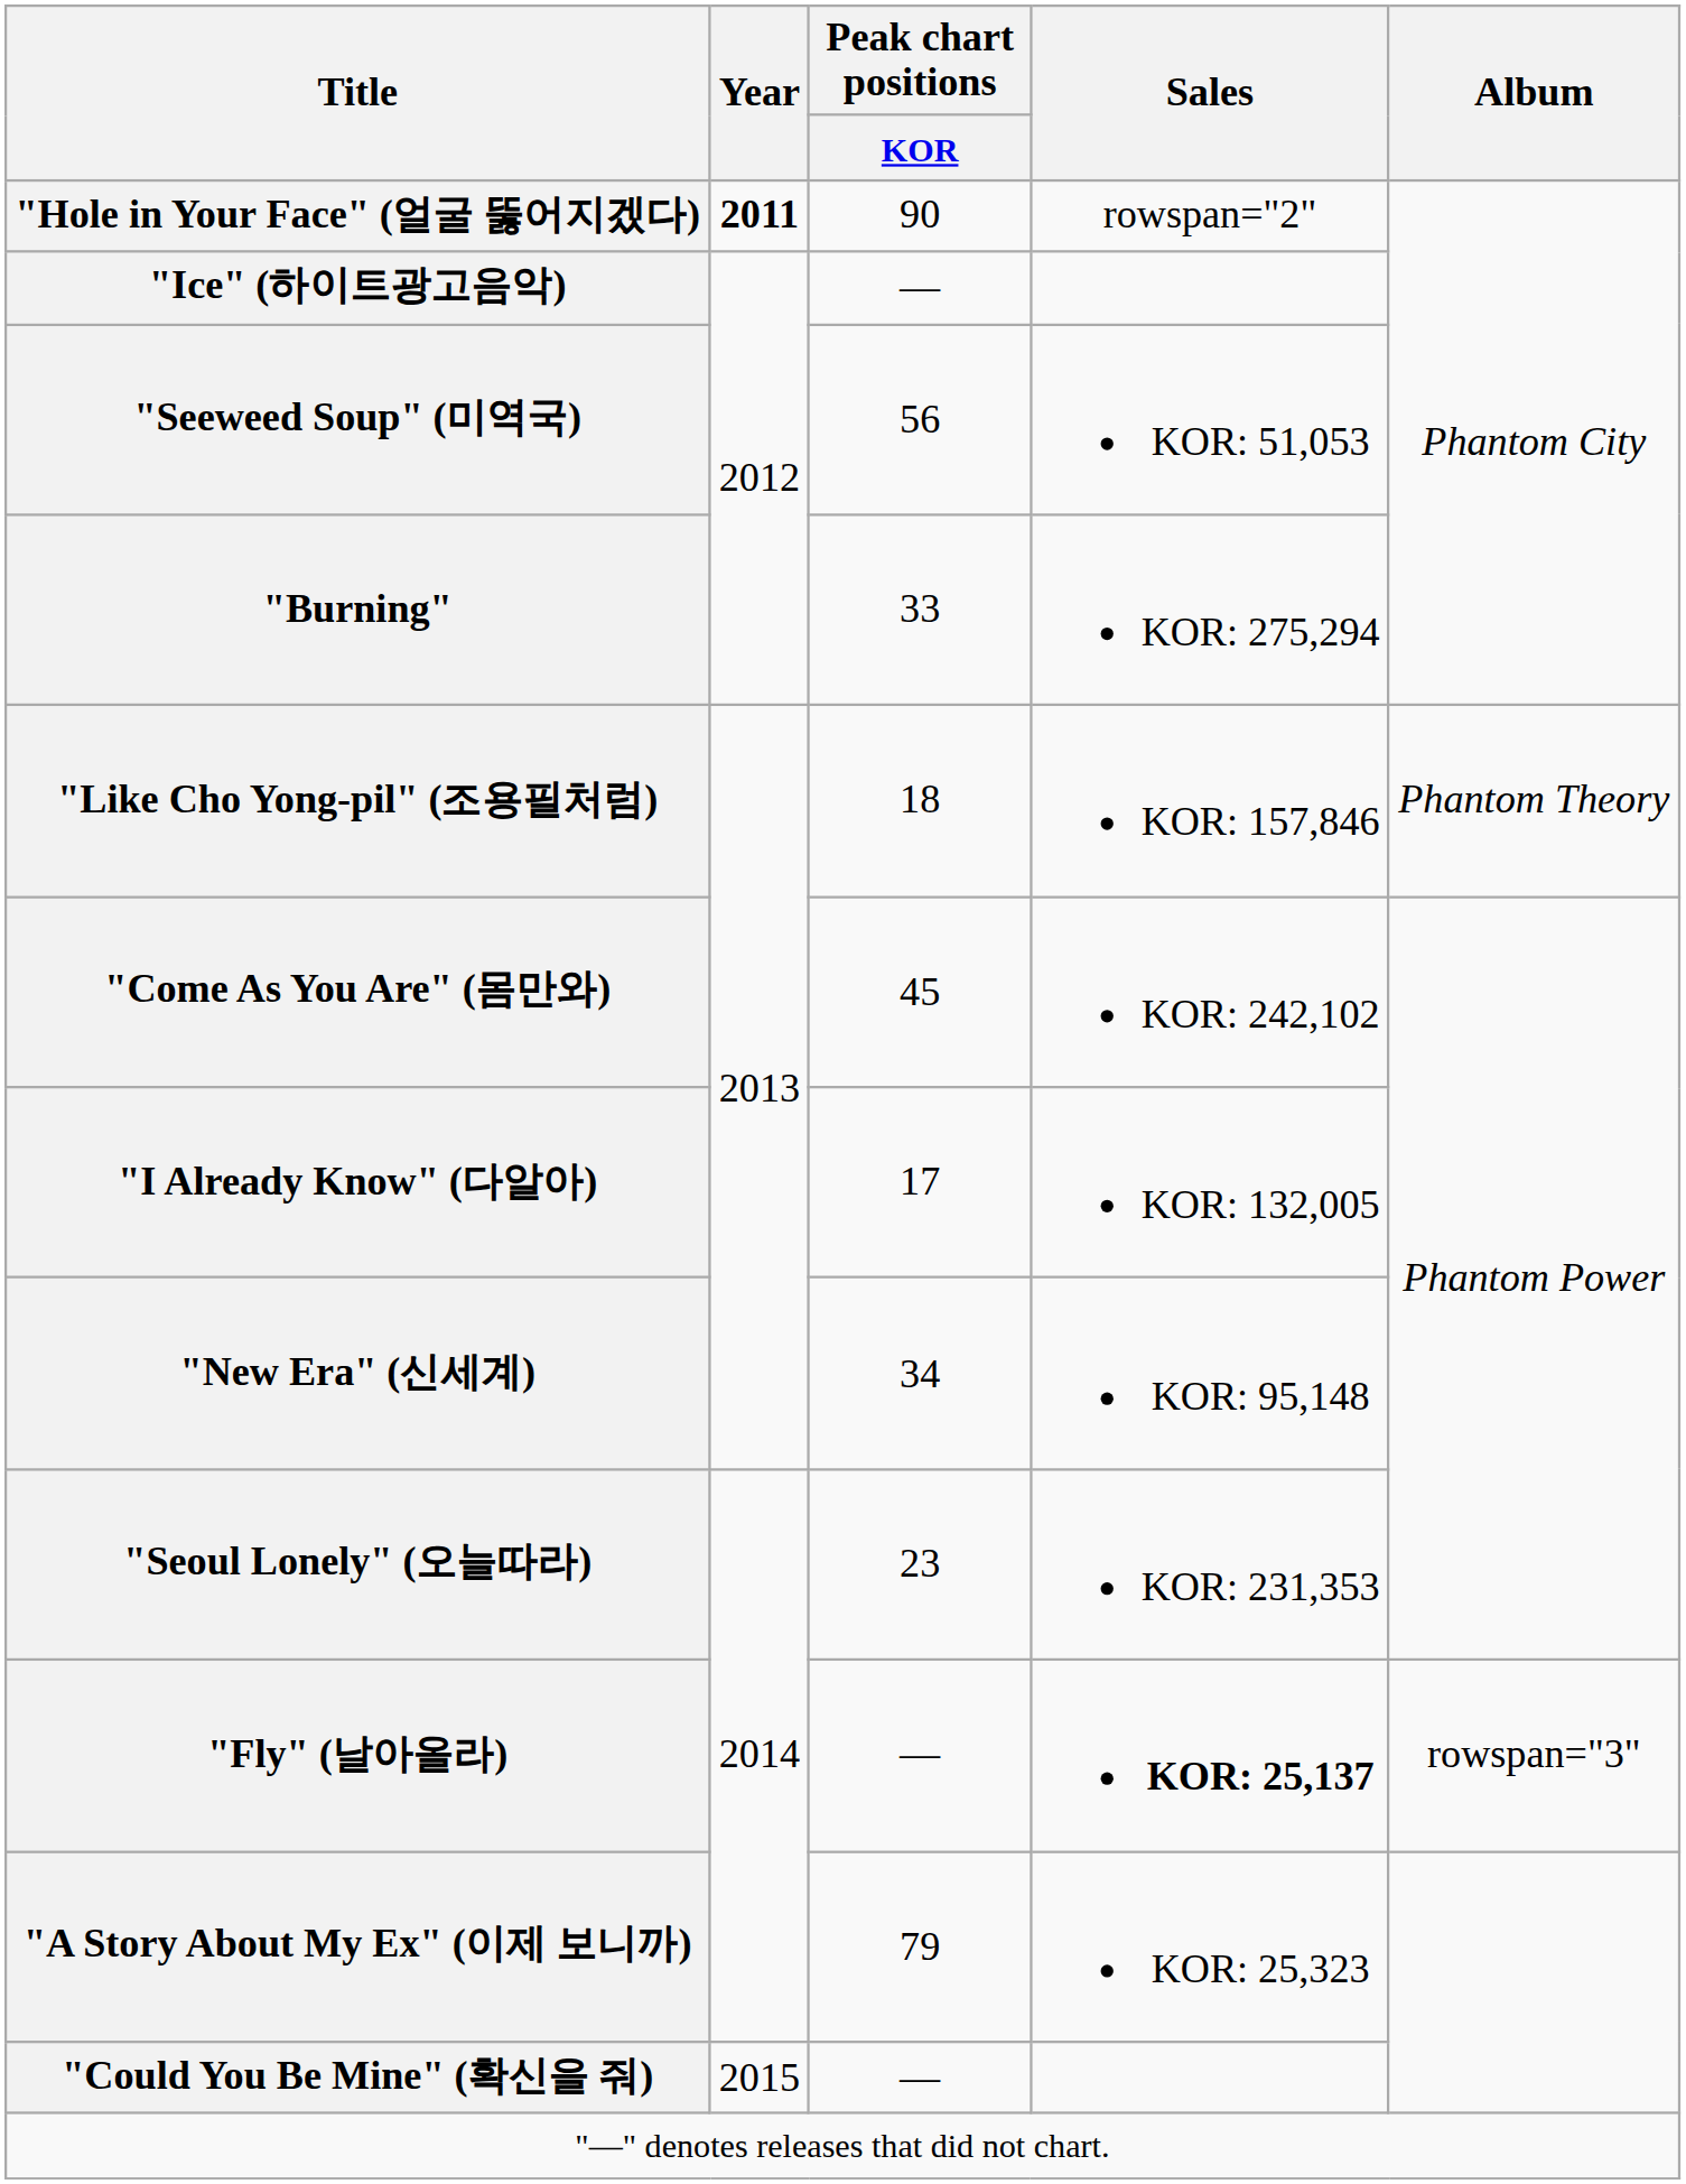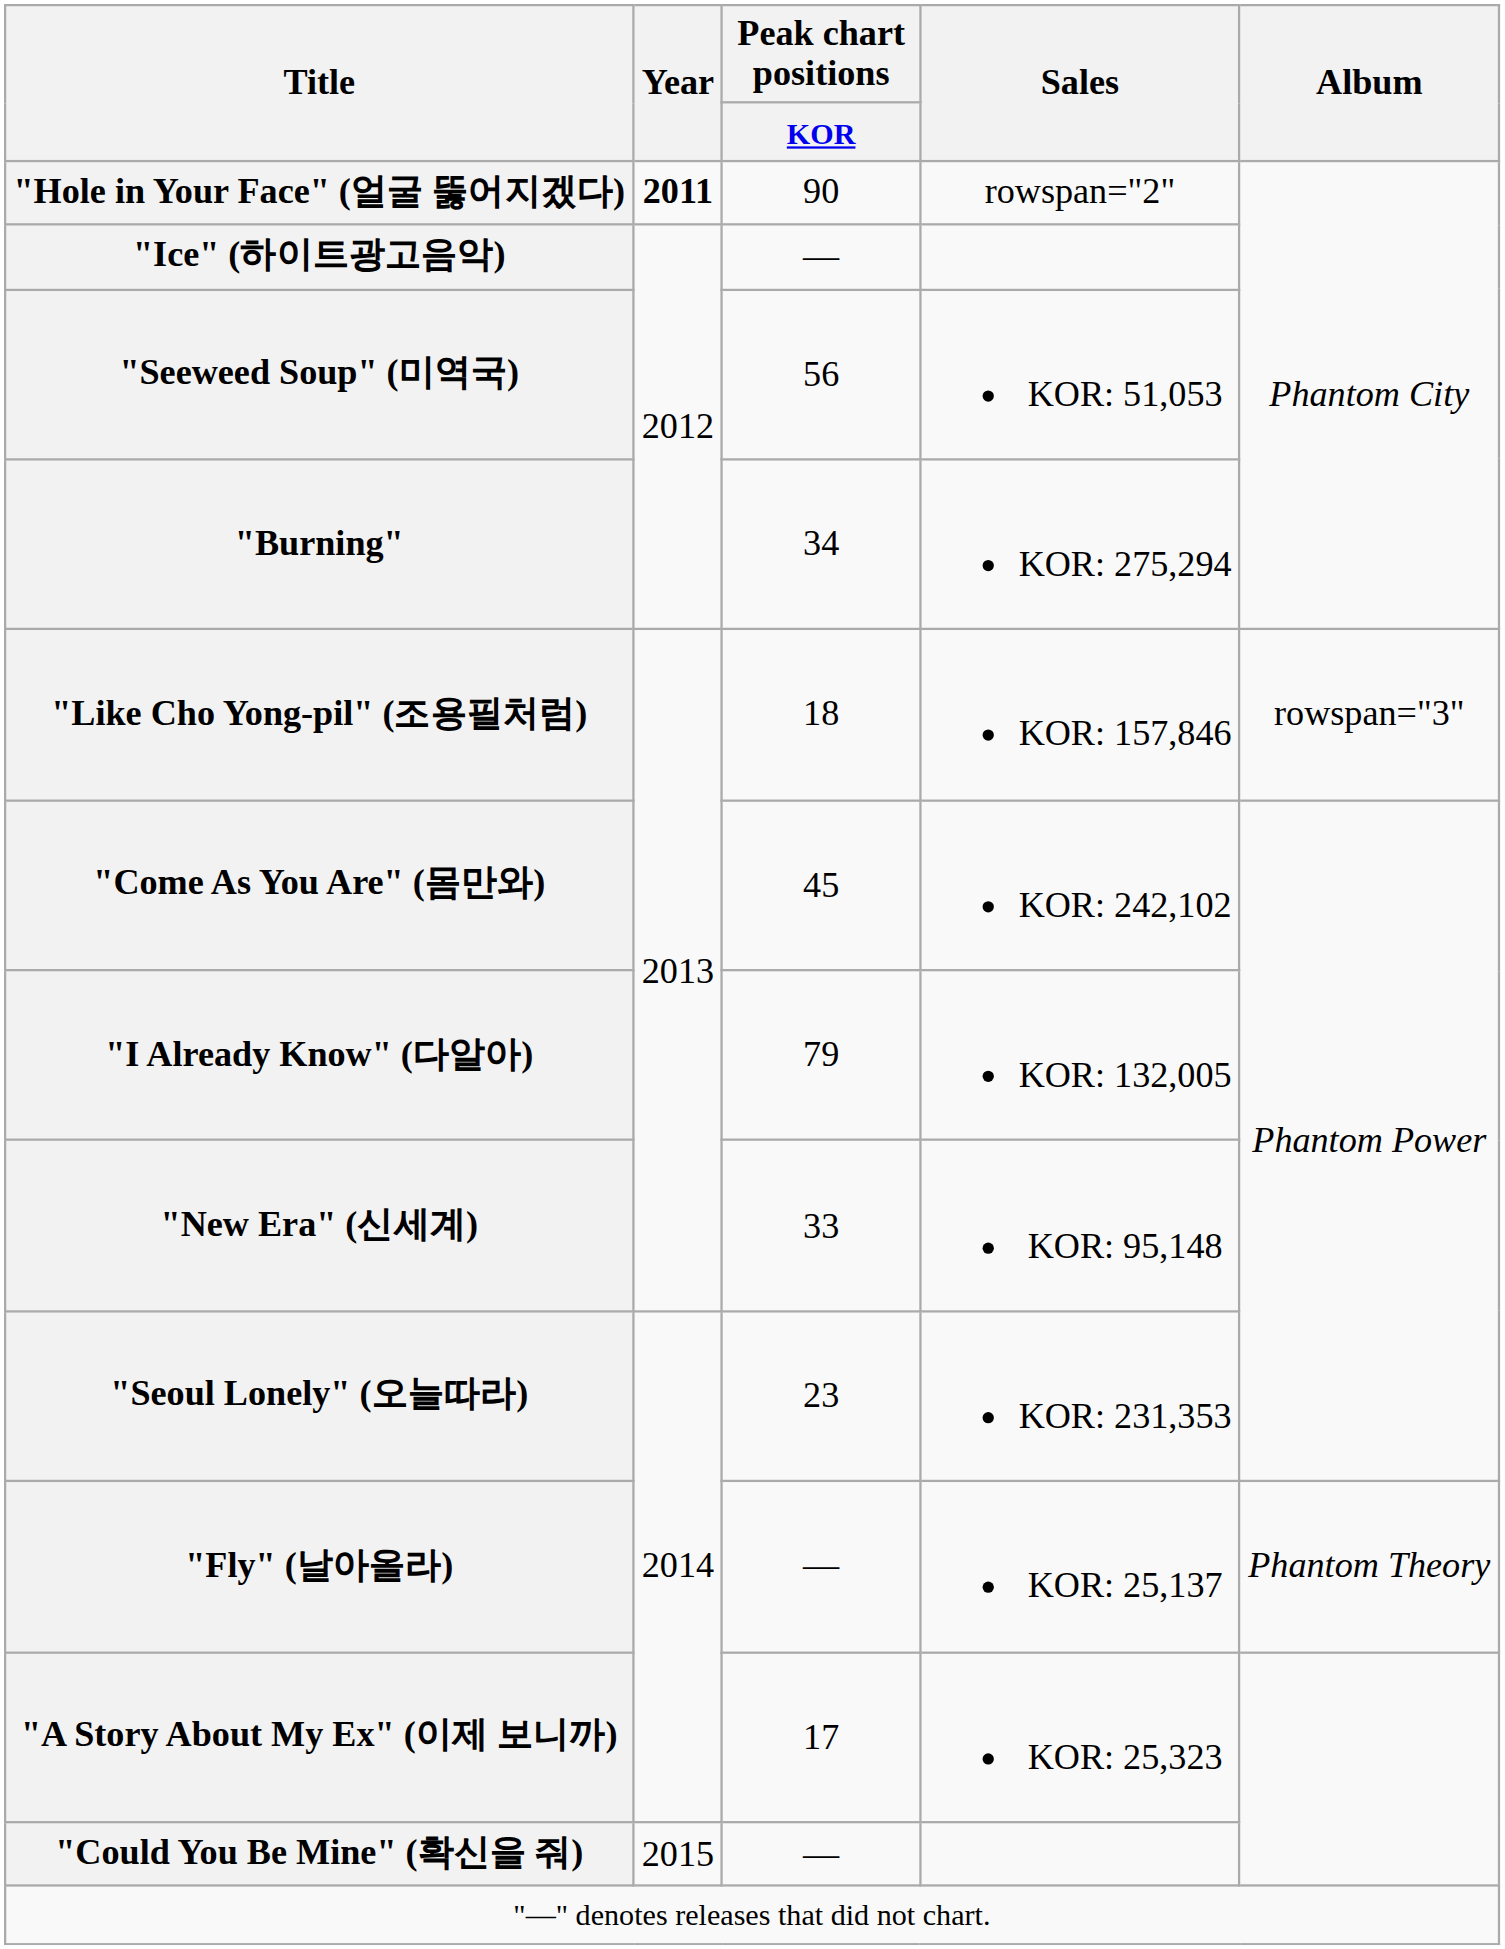 <table class="wikitable plainrowheaders" style="text-align:center;">
 <tr>
 <th scope="col" rowspan="2">Title</th>
 <th scope="col" rowspan="2">Year</th>
 <th scope="col" colspan="1" style="width:5em;">Peak chart positions</th>
 <th scope="col" rowspan="2">Sales</th>
 <th scope="col" rowspan="2">Album</th>
 </tr>
 <tr>
 <th><small><a href='#'>KOR</a></small><br></th>
 </tr>
 <tr>
 <th scope="row">"Hole in Your Face" (얼굴 뚫어지겠다)</th>
 <td><strong>2011</strong></td>
 <td>90</td>
 <td>rowspan="2" </td>
 <td rowspan="4"><em>Phantom City</em></td>
 </tr>
 <tr>
 <th scope="row">"Ice" (하이트광고음악)</th>
 <td rowspan="3">2012</td>
 <td>—</td>
 </tr>
 <tr>
 <th scope="row">"Seeweed Soup" (미역국)</th>
 <td>56</td>
 <td><br><ul><li>KOR: 51,053</li></ul></td>
 </tr>
 <tr>
 <th scope="row">"Burning"</th>
-<td>33</td>
+<td>34</td>
 <td><br><ul><li>KOR: 275,294</li></ul></td>
 </tr>
 <tr>
 <th scope="row">"Like Cho Yong-pil" (조용필처럼)</th>
 <td rowspan="4">2013</td>
 <td>18</td>
 <td><br><ul><li>KOR: 157,846</li></ul></td>
-<td><em>Phantom Theory</em></td>
+<td>rowspan="3" </td>
 </tr>
 <tr>
 <th scope="row">"Come As You Are" (몸만와)<br></th>
 <td>45</td>
 <td><br><ul><li>KOR: 242,102</li></ul></td>
 <td rowspan="4"><em>Phantom Power</em></td>
 </tr>
 <tr>
 <th scope="row">"I Already Know" (다알아)</th>
-<td>17</td>
+<td>79</td>
 <td><br><ul><li>KOR: 132,005</li></ul></td>
 </tr>
 <tr>
 <th scope="row">"New Era" (신세계)<br></th>
-<td>34</td>
+<td>33</td>
 <td><br><ul><li>KOR: 95,148</li></ul></td>
 </tr>
 <tr>
 <th scope="row">"Seoul Lonely" (오늘따라)<br></th>
 <td rowspan="3">2014</td>
 <td>23</td>
 <td><br><ul><li>KOR: 231,353</li></ul></td>
 </tr>
 <tr>
 <th scope="row">"Fly" (날아올라)</th>
 <td>—</td>
-<td><strong><br><ul><li>KOR: 25,137</li></ul></strong></td>
-<td>rowspan="3" </td>
+<td><br><ul><li>KOR: 25,137</li></ul></td>
+<td><em>Phantom Theory</em></td>
 </tr>
 <tr>
 <th scope="row">"A Story About My Ex" (이제 보니까)</th>
-<td>79</td>
+<td>17</td>
 <td><br><ul><li>KOR: 25,323</li></ul></td>
 </tr>
 <tr>
 <th scope="row">"Could You Be Mine" (확신을 줘)</th>
 <td>2015</td>
 <td>—</td>
 <td></td>
 </tr>
 <tr>
 <td colspan="5" align="center"><small>"—" denotes releases that did not chart.</small></td>
 </tr>
 </table>
